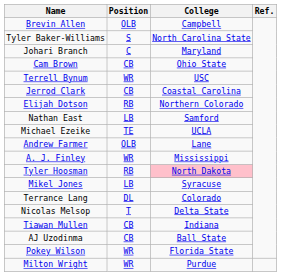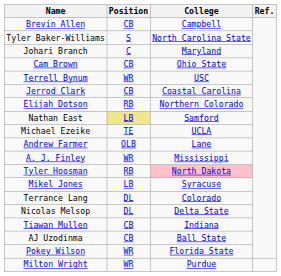 <table class="wikitable" style="text-align:center">
 <tr>
 <th>Name</th>
 <th>Position</th>
 <th>College</th>
 <th>Ref.</th>
 </tr>
 <tr>
 <td><a href='#'>Brevin Allen</a></td>
-<td><a href='#'>OLB</a></td>
+<td><a href='#'>CB</a></td>
 <td><a href='#'>Campbell</a></td>
 <td rowspan = 18></td>
 </tr>
 <tr>
 <td>Tyler Baker-Williams</td>
 <td><a href='#'>S</a></td>
 <td><a href='#'>North Carolina State</a></td>
 </tr>
 <tr>
 <td>Johari Branch</td>
 <td><a href='#'>C</a></td>
 <td><a href='#'>Maryland</a></td>
 </tr>
 <tr>
 <td><a href='#'>Cam Brown</a></td>
 <td><a href='#'>CB</a></td>
 <td><a href='#'>Ohio State</a></td>
 </tr>
 <tr>
 <td><a href='#'>Terrell Bynum</a></td>
 <td><a href='#'>WR</a></td>
 <td><a href='#'>USC</a></td>
 </tr>
 <tr>
 <td><a href='#'>Jerrod Clark</a></td>
 <td><a href='#'>CB</a></td>
 <td><a href='#'>Coastal Carolina</a></td>
 </tr>
 <tr>
 <td><a href='#'>Elijah Dotson</a></td>
 <td><a href='#'>RB</a></td>
 <td><a href='#'>Northern Colorado</a></td>
 </tr>
 <tr>
 <td>Nathan East</td>
-<td><a href='#'>LB</a></td>
+<td style="background: khaki;"><a href='#'>LB</a></td>
 <td><a href='#'>Samford</a></td>
 </tr>
 <tr>
 <td>Michael Ezeike</td>
 <td><a href='#'>TE</a></td>
 <td><a href='#'>UCLA</a></td>
 </tr>
 <tr>
 <td><a href='#'>Andrew Farmer</a></td>
 <td><a href='#'>OLB</a></td>
 <td><a href='#'>Lane</a></td>
 </tr>
 <tr>
 <td><a href='#'>A. J. Finley</a></td>
 <td><a href='#'>WR</a></td>
 <td><a href='#'>Mississippi</a></td>
 </tr>
 <tr>
 <td><a href='#'>Tyler Hoosman</a></td>
 <td><a href='#'>RB</a></td>
 <td style="background: pink;"><a href='#'>North Dakota</a></td>
 </tr>
 <tr>
 <td><a href='#'>Mikel Jones</a></td>
 <td><a href='#'>LB</a></td>
 <td><a href='#'>Syracuse</a></td>
 </tr>
 <tr>
 <td>Terrance Lang</td>
 <td><a href='#'>DL</a></td>
 <td><a href='#'>Colorado</a></td>
 </tr>
 <tr>
 <td>Nicolas Melsop</td>
-<td><a href='#'>T</a></td>
+<td><a href='#'>DL</a></td>
 <td><a href='#'>Delta State</a></td>
 </tr>
 <tr>
 <td><a href='#'>Tiawan Mullen</a></td>
 <td><a href='#'>CB</a></td>
 <td><a href='#'>Indiana</a></td>
 </tr>
 <tr>
 <td>AJ Uzodinma</td>
 <td><a href='#'>CB</a></td>
 <td><a href='#'>Ball State</a></td>
 </tr>
 <tr>
 <td><a href='#'>Pokey Wilson</a></td>
 <td><a href='#'>WR</a></td>
 <td><a href='#'>Florida State</a></td>
 </tr>
 <tr>
 <td><a href='#'>Milton Wright</a></td>
 <td><a href='#'>WR</a></td>
 <td><a href='#'>Purdue</a></td>
 <td></td>
 </tr>
 </table>
